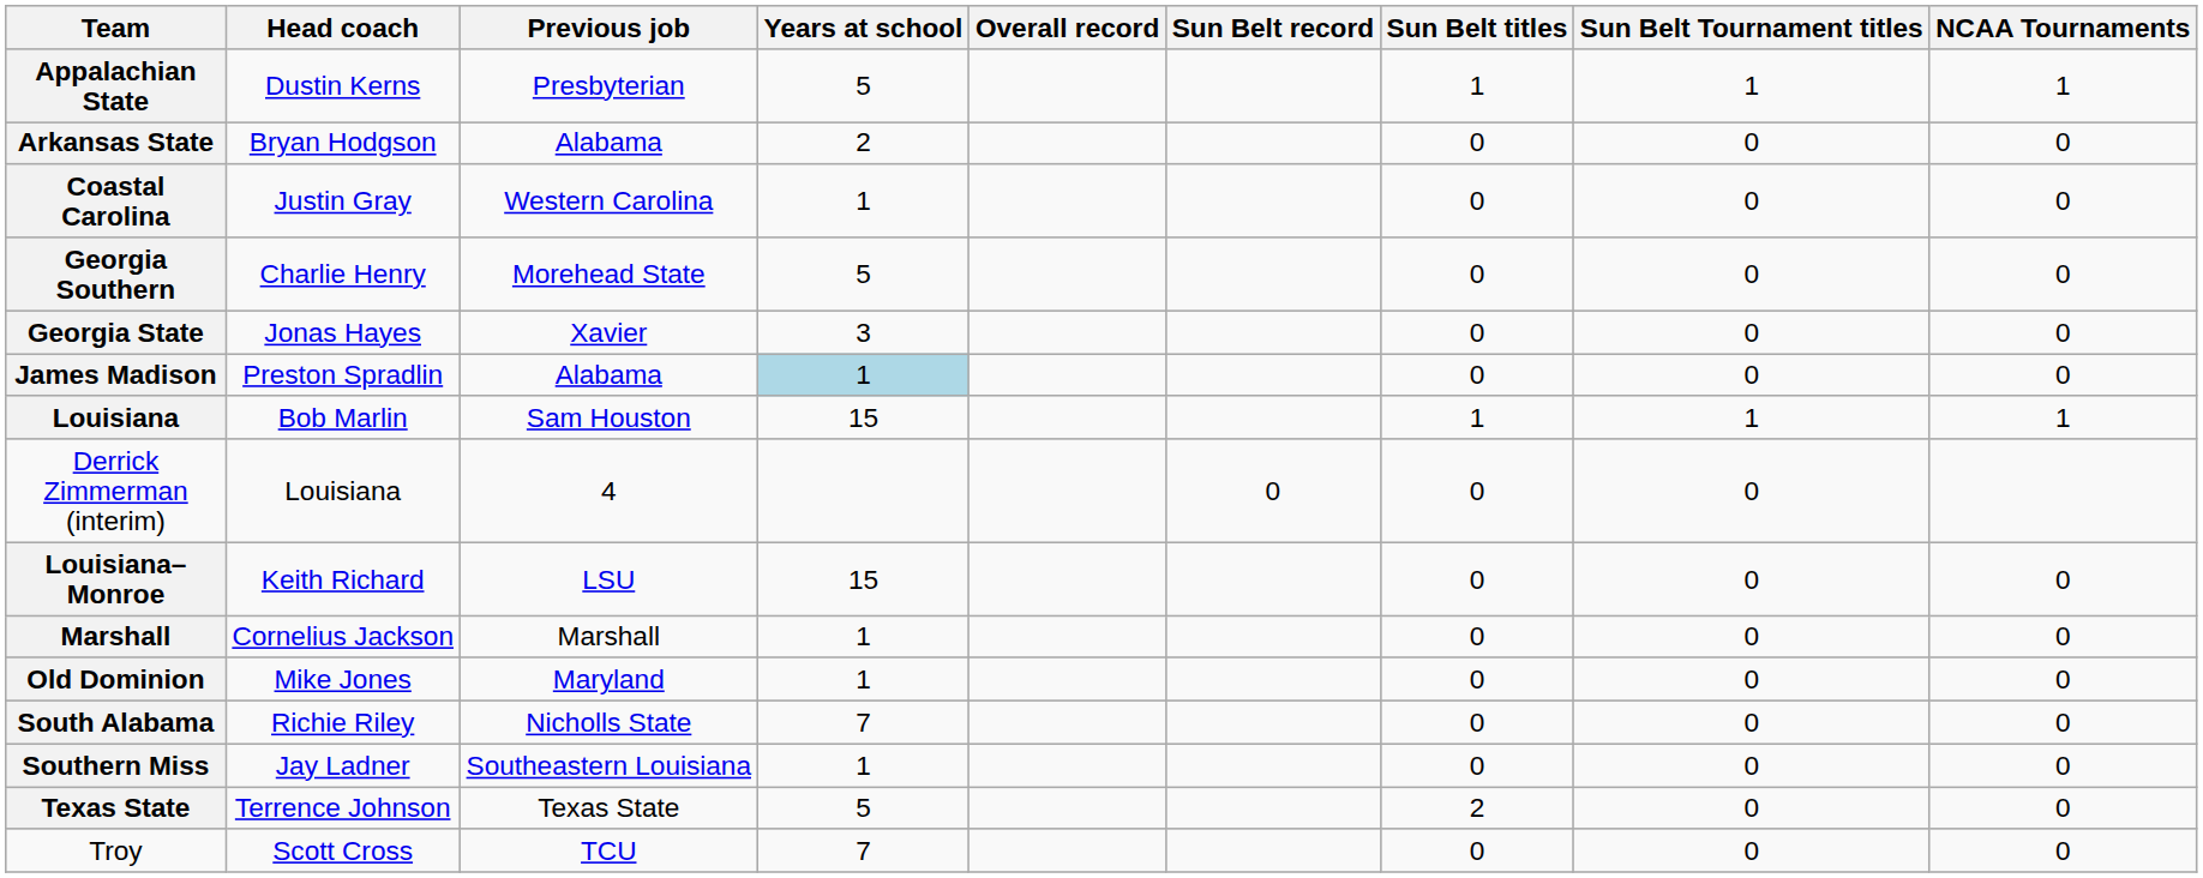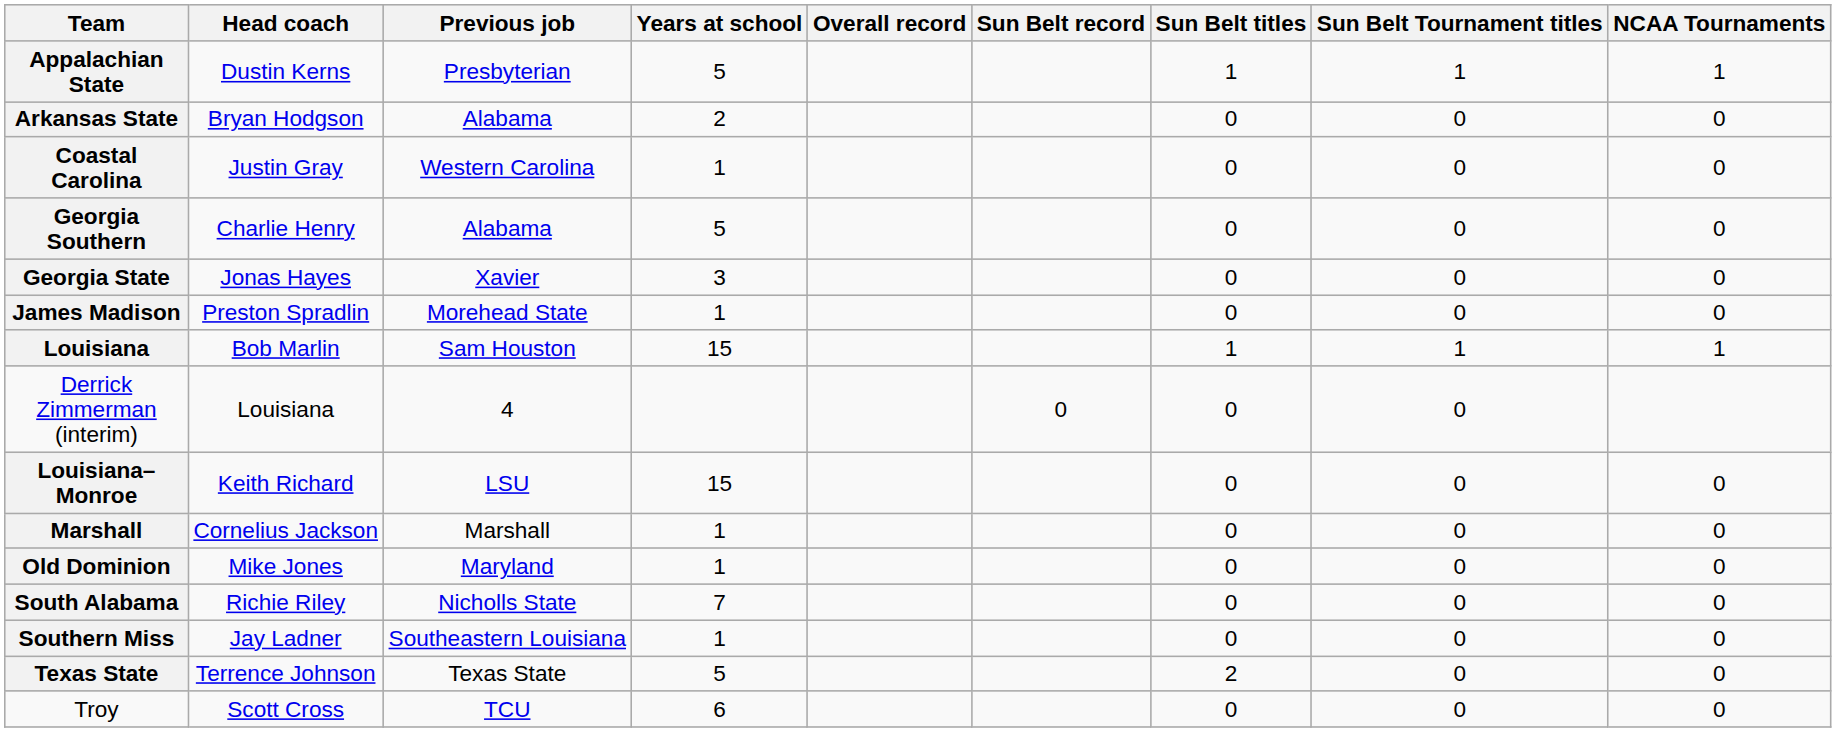 <table class="wikitable sortable" style="text-align: center;font-size:90%;">
 <tr>
 <th width="110">Team</th>
 <th>Head coach</th>
 <th>Previous job</th>
 <th>Years at school</th>
 <th>Overall record</th>
 <th>Sun Belt record</th>
 <th>Sun Belt titles</th>
 <th>Sun Belt Tournament titles</th>
 <th>NCAA Tournaments</th>
 </tr>
 <tr>
 <th>Appalachian State</th>
 <td><a href='#'>Dustin Kerns</a></td>
 <td><a href='#'>Presbyterian</a></td>
 <td>5</td>
 <td></td>
 <td></td>
 <td>1</td>
 <td>1</td>
 <td>1</td>
 </tr>
 <tr>
 <th>Arkansas State</th>
 <td><a href='#'>Bryan Hodgson</a></td>
 <td><a href='#'>Alabama</a> </td>
 <td>2</td>
 <td></td>
 <td></td>
 <td>0</td>
 <td>0</td>
 <td>0</td>
 </tr>
 <tr>
 <th>Coastal Carolina</th>
 <td><a href='#'>Justin Gray</a></td>
 <td><a href='#'>Western Carolina</a></td>
 <td>1</td>
 <td></td>
 <td></td>
 <td>0</td>
 <td>0</td>
 <td>0</td>
 </tr>
 <tr>
 <th>Georgia Southern</th>
 <td><a href='#'>Charlie Henry</a></td>
-<td><a href='#'>Morehead State</a></td>
+<td><a href='#'>Alabama</a> </td>
 <td>5</td>
 <td></td>
 <td></td>
 <td>0</td>
 <td>0</td>
 <td>0</td>
 </tr>
 <tr>
 <th>Georgia State</th>
 <td><a href='#'>Jonas Hayes</a></td>
 <td><a href='#'>Xavier</a> </td>
 <td>3</td>
 <td></td>
 <td></td>
 <td>0</td>
 <td>0</td>
 <td>0</td>
 </tr>
 <tr>
 <th>James Madison</th>
 <td><a href='#'>Preston Spradlin</a></td>
-<td><a href='#'>Alabama</a> </td>
-<td style="background: lightblue;">1</td>
+<td><a href='#'>Morehead State</a></td>
+<td>1</td>
 <td></td>
 <td></td>
 <td>0</td>
 <td>0</td>
 <td>0</td>
 </tr>
 <tr>
 <th>Louisiana</th>
 <td><a href='#'>Bob Marlin</a></td>
 <td><a href='#'>Sam Houston</a></td>
 <td>15</td>
 <td></td>
 <td></td>
 <td>1</td>
 <td>1</td>
 <td>1</td>
 </tr>
 <tr>
 <td><a href='#'>Derrick Zimmerman</a> (interim)</td>
 <td>Louisiana </td>
 <td>4</td>
 <td></td>
 <td></td>
 <td>0</td>
 <td>0</td>
 <td>0</td>
 </tr>
 <tr>
 <th>Louisiana–Monroe</th>
 <td><a href='#'>Keith Richard</a></td>
 <td><a href='#'>LSU</a> </td>
 <td>15</td>
 <td></td>
 <td></td>
 <td>0</td>
 <td>0</td>
 <td>0</td>
 </tr>
 <tr>
 <th>Marshall</th>
 <td><a href='#'>Cornelius Jackson</a></td>
 <td>Marshall </td>
 <td>1</td>
 <td></td>
 <td></td>
 <td>0</td>
 <td>0</td>
 <td>0</td>
 </tr>
 <tr>
 <th>Old Dominion</th>
 <td><a href='#'>Mike Jones</a></td>
 <td><a href='#'>Maryland</a> </td>
 <td>1</td>
 <td></td>
 <td></td>
 <td>0</td>
 <td>0</td>
 <td>0</td>
 </tr>
 <tr>
 <th>South Alabama</th>
 <td><a href='#'>Richie Riley</a></td>
 <td><a href='#'>Nicholls State</a></td>
 <td>7</td>
 <td></td>
 <td></td>
 <td>0</td>
 <td>0</td>
 <td>0</td>
 </tr>
 <tr>
 <th>Southern Miss</th>
 <td><a href='#'>Jay Ladner</a></td>
 <td><a href='#'>Southeastern Louisiana</a></td>
 <td>1</td>
 <td></td>
 <td></td>
 <td>0</td>
 <td>0</td>
 <td>0</td>
 </tr>
 <tr>
 <th>Texas State</th>
 <td><a href='#'>Terrence Johnson</a></td>
 <td>Texas State </td>
 <td>5</td>
 <td></td>
 <td></td>
 <td>2</td>
 <td>0</td>
 <td>0</td>
 </tr>
 <tr>
 <td>Troy</td>
 <td><a href='#'>Scott Cross</a></td>
 <td><a href='#'>TCU</a> </td>
-<td>7</td>
+<td>6</td>
 <td></td>
 <td></td>
 <td>0</td>
 <td>0</td>
 <td>0</td>
 </tr>
 </table>
